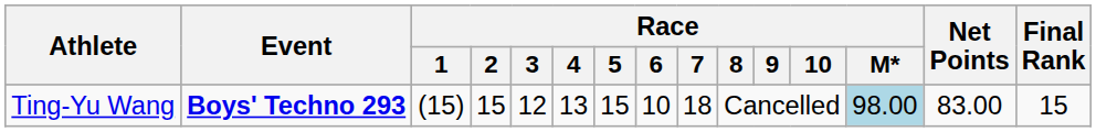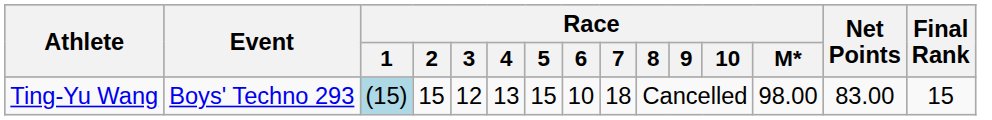 <table class="wikitable" style="font-size:90%">
 <tr>
 <th rowspan="2">Athlete</th>
 <th rowspan="2">Event</th>
 <th colspan=11>Race</th>
 <th rowspan=2>Net<br>Points</th>
 <th rowspan=2>Final <br>Rank</th>
 </tr>
 <tr style="font-size:95%">
 <th>1</th>
 <th>2</th>
 <th>3</th>
 <th>4</th>
 <th>5</th>
 <th>6</th>
 <th>7</th>
 <th>8</th>
 <th>9</th>
 <th>10</th>
 <th>M*</th>
 </tr>
 <tr align=center>
 <td align=left><a href='#'>Ting-Yu Wang</a></td>
-<td align=left><strong><a href='#'>Boys' Techno 293</a></strong></td>
-<td>(15)</td>
+<td align=left><a href='#'>Boys' Techno 293</a></td>
+<td style="background: lightblue;">(15)</td>
 <td>15</td>
 <td>12</td>
 <td>13</td>
 <td>15</td>
 <td>10</td>
 <td>18</td>
 <td colspan=3>Cancelled</td>
-<td style="background: lightblue;">98.00</td>
+<td>98.00</td>
 <td>83.00</td>
 <td>15</td>
 </tr>
 </table>
